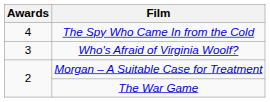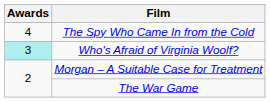 <table class="wikitable" style="text-align:center;">
 <tr>
 <th style="background:">Awards</th>
 <th style="background:">Film</th>
 </tr>
 <tr>
 <td>4</td>
 <td><em><a href='#'>The Spy Who Came In from the Cold</a></em></td>
 </tr>
 <tr>
-<td>3</td>
+<td style="background: paleturquoise;">3</td>
 <td><em><a href='#'>Who's Afraid of Virginia Woolf?</a></em></td>
 </tr>
 <tr>
 <td rowspan="2">2</td>
 <td><em><a href='#'>Morgan – A Suitable Case for Treatment</a></em></td>
 </tr>
 <tr>
 <td><em><a href='#'>The War Game</a></em></td>
 </tr>
 </table>
